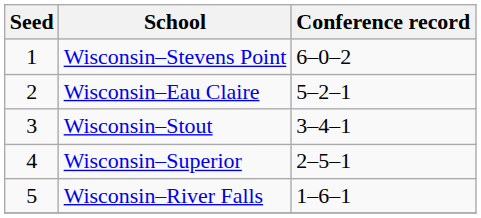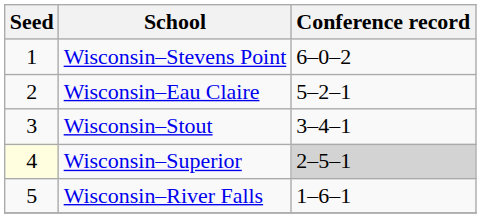 <table class="wikitable">
 <tr>
 <th>Seed</th>
 <th>School</th>
 <th>Conference record</th>
 </tr>
 <tr>
 <td align=center>1</td>
 <td><a href='#'>Wisconsin–Stevens Point</a></td>
 <td>6–0–2</td>
 </tr>
 <tr>
 <td align=center>2</td>
 <td><a href='#'>Wisconsin–Eau Claire</a></td>
 <td>5–2–1</td>
 </tr>
 <tr>
 <td align=center>3</td>
 <td><a href='#'>Wisconsin–Stout</a></td>
 <td>3–4–1</td>
 </tr>
 <tr>
-<td align=center>4</td>
+<td align=center style="background: lightyellow;">4</td>
 <td><a href='#'>Wisconsin–Superior</a></td>
-<td>2–5–1</td>
+<td style="background: lightgrey;">2–5–1</td>
 </tr>
 <tr>
 <td align=center>5</td>
 <td><a href='#'>Wisconsin–River Falls</a></td>
 <td>1–6–1</td>
 </tr>
 <tr>
 </tr>
 </table>
